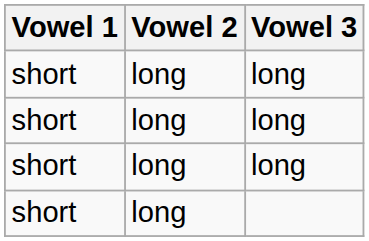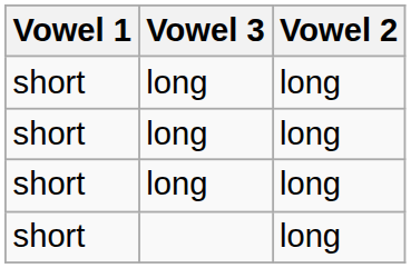 <table class="wikitable">
 <tr>
 <th>Vowel 1</th>
+<th>Vowel 3</th>
 <th>Vowel 2</th>
-<th>Vowel 3</th>
 </tr>
 <tr>
 <td>short</td>
 <td>long</td>
 <td>long</td>
 </tr>
 <tr>
 <td>short</td>
 <td>long</td>
 <td>long</td>
 </tr>
 <tr>
 <td>short</td>
 <td>long</td>
 <td>long</td>
 </tr>
 <tr>
 <td>short</td>
+<td></td>
 <td>long</td>
-<td></td>
 </tr>
 </table>
